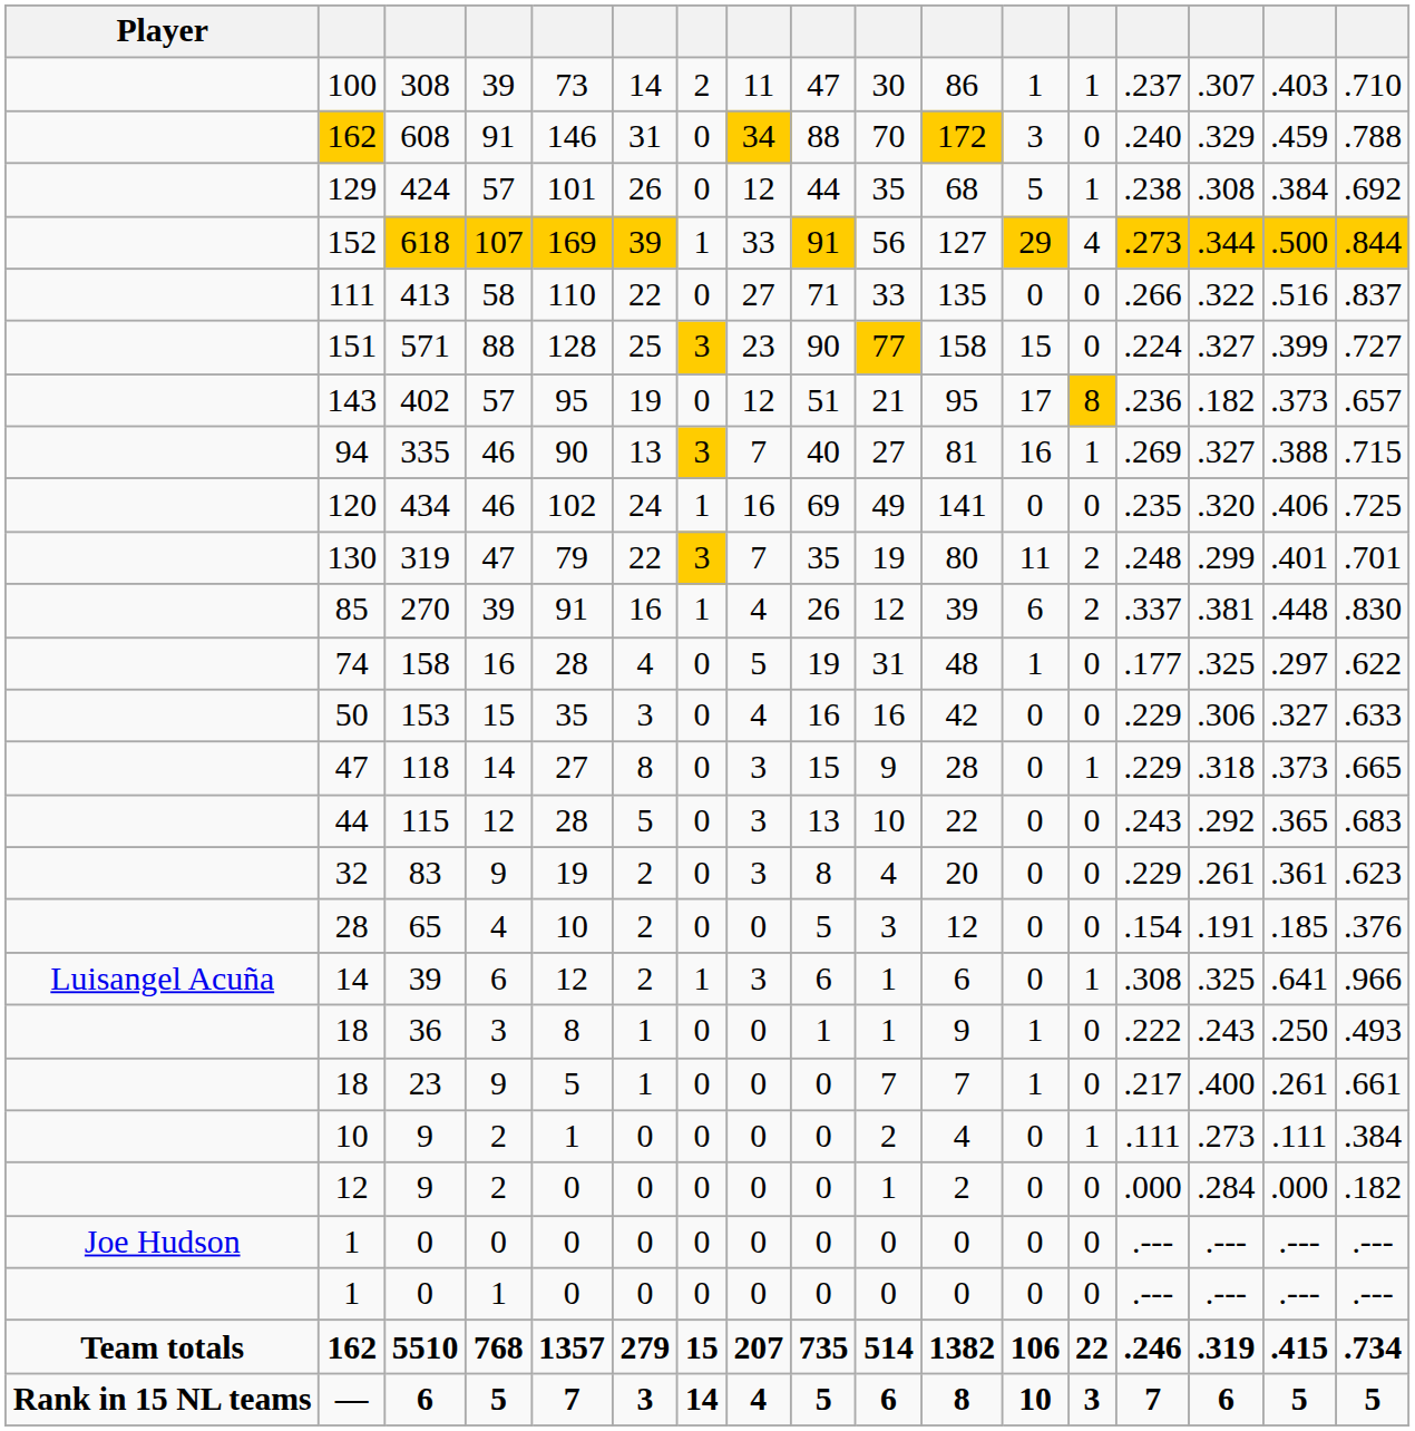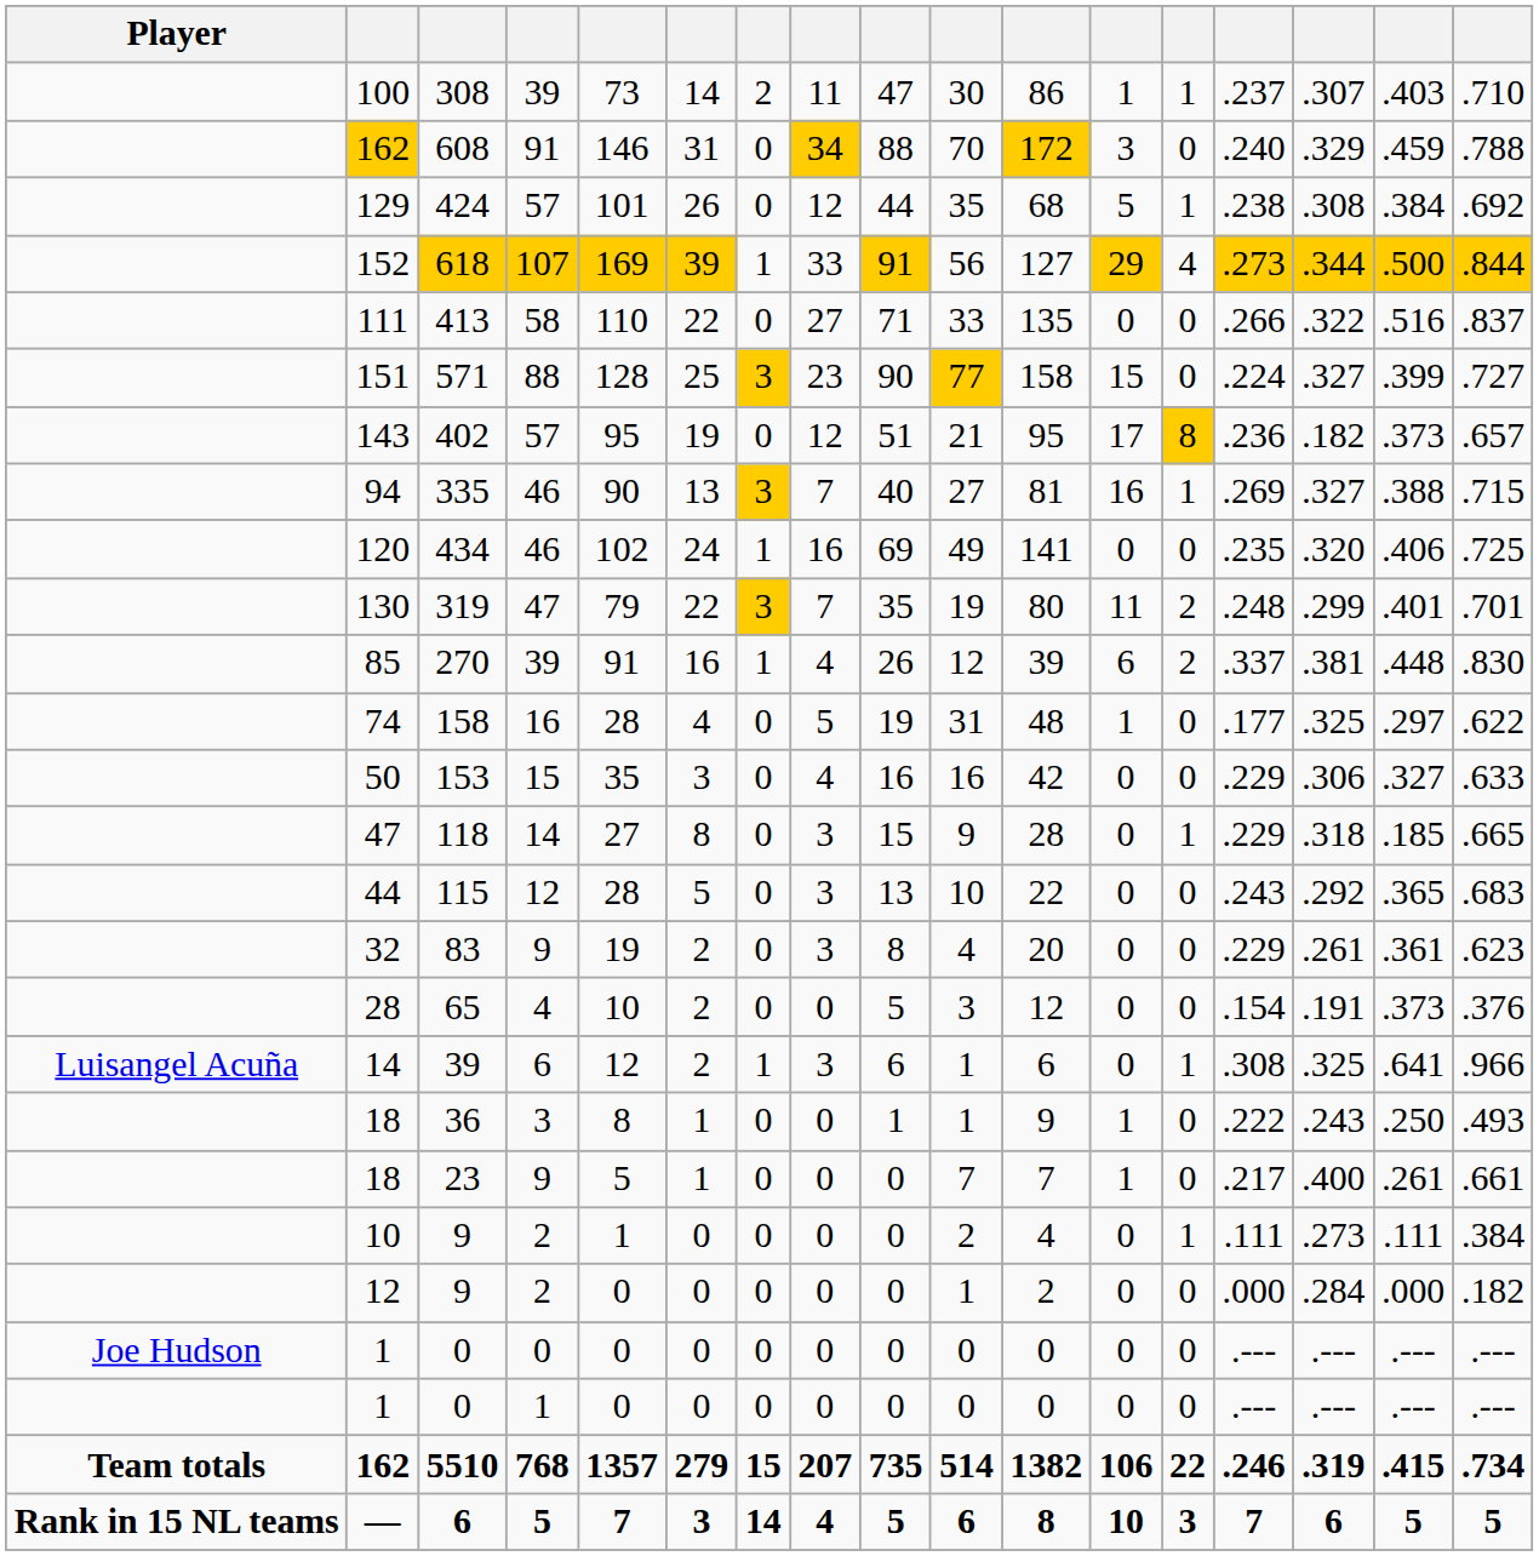 <table class="wikitable sortable">
 <tr>
 <th>Player</th>
 <th></th>
 <th></th>
 <th></th>
 <th></th>
 <th></th>
 <th></th>
 <th></th>
 <th></th>
 <th></th>
 <th></th>
 <th></th>
 <th></th>
 <th></th>
 <th></th>
 <th></th>
 <th></th>
 </tr>
 <tr align=center>
 <td></td>
 <td>100</td>
 <td>308</td>
 <td>39</td>
 <td>73</td>
 <td>14</td>
 <td>2</td>
 <td>11</td>
 <td>47</td>
 <td>30</td>
 <td>86</td>
 <td>1</td>
 <td>1</td>
 <td>.237</td>
 <td>.307</td>
 <td>.403</td>
 <td>.710</td>
 </tr>
 <tr align=center>
 <td></td>
 <td bgcolor=#ffcc00>162</td>
 <td>608</td>
 <td>91</td>
 <td>146</td>
 <td>31</td>
 <td>0</td>
 <td bgcolor=#ffcc00>34</td>
 <td>88</td>
 <td>70</td>
 <td bgcolor=#ffcc00>172</td>
 <td>3</td>
 <td>0</td>
 <td>.240</td>
 <td>.329</td>
 <td>.459</td>
 <td>.788</td>
 </tr>
 <tr align=center>
 <td></td>
 <td>129</td>
 <td>424</td>
 <td>57</td>
 <td>101</td>
 <td>26</td>
 <td>0</td>
 <td>12</td>
 <td>44</td>
 <td>35</td>
 <td>68</td>
 <td>5</td>
 <td>1</td>
 <td>.238</td>
 <td>.308</td>
 <td>.384</td>
 <td>.692</td>
 </tr>
 <tr align=center>
 <td></td>
 <td>152</td>
 <td bgcolor=#ffcc00>618</td>
 <td bgcolor=#ffcc00>107</td>
 <td bgcolor=#ffcc00>169</td>
 <td bgcolor=#ffcc00>39</td>
 <td>1</td>
 <td>33</td>
 <td bgcolor=#ffcc00>91</td>
 <td>56</td>
 <td>127</td>
 <td bgcolor=#ffcc00>29</td>
 <td>4</td>
 <td bgcolor=#ffcc00>.273</td>
 <td bgcolor=#ffcc00>.344</td>
 <td bgcolor=#ffcc00>.500</td>
 <td bgcolor=#ffcc00>.844</td>
 </tr>
 <tr align=center>
 <td></td>
 <td>111</td>
 <td>413</td>
 <td>58</td>
 <td>110</td>
 <td>22</td>
 <td>0</td>
 <td>27</td>
 <td>71</td>
 <td>33</td>
 <td>135</td>
 <td>0</td>
 <td>0</td>
 <td>.266</td>
 <td>.322</td>
 <td>.516</td>
 <td>.837</td>
 </tr>
 <tr align=center>
 <td></td>
 <td>151</td>
 <td>571</td>
 <td>88</td>
 <td>128</td>
 <td>25</td>
 <td bgcolor=#ffcc00>3</td>
 <td>23</td>
 <td>90</td>
 <td bgcolor=#ffcc00>77</td>
 <td>158</td>
 <td>15</td>
 <td>0</td>
 <td>.224</td>
 <td>.327</td>
 <td>.399</td>
 <td>.727</td>
 </tr>
 <tr align=center>
 <td></td>
 <td>143</td>
 <td>402</td>
 <td>57</td>
 <td>95</td>
 <td>19</td>
 <td>0</td>
 <td>12</td>
 <td>51</td>
 <td>21</td>
 <td>95</td>
 <td>17</td>
 <td bgcolor=#ffcc00>8</td>
 <td>.236</td>
 <td>.182</td>
 <td>.373</td>
 <td>.657</td>
 </tr>
 <tr align=center>
 <td></td>
 <td>94</td>
 <td>335</td>
 <td>46</td>
 <td>90</td>
 <td>13</td>
 <td bgcolor=#ffcc00>3</td>
 <td>7</td>
 <td>40</td>
 <td>27</td>
 <td>81</td>
 <td>16</td>
 <td>1</td>
 <td>.269</td>
 <td>.327</td>
 <td>.388</td>
 <td>.715</td>
 </tr>
 <tr align=center>
 <td></td>
 <td>120</td>
 <td>434</td>
 <td>46</td>
 <td>102</td>
 <td>24</td>
 <td>1</td>
 <td>16</td>
 <td>69</td>
 <td>49</td>
 <td>141</td>
 <td>0</td>
 <td>0</td>
 <td>.235</td>
 <td>.320</td>
 <td>.406</td>
 <td>.725</td>
 </tr>
 <tr align=center>
 <td></td>
 <td>130</td>
 <td>319</td>
 <td>47</td>
 <td>79</td>
 <td>22</td>
 <td bgcolor=#ffcc00>3</td>
 <td>7</td>
 <td>35</td>
 <td>19</td>
 <td>80</td>
 <td>11</td>
 <td>2</td>
 <td>.248</td>
 <td>.299</td>
 <td>.401</td>
 <td>.701</td>
 </tr>
 <tr align=center>
 <td></td>
 <td>85</td>
 <td>270</td>
 <td>39</td>
 <td>91</td>
 <td>16</td>
 <td>1</td>
 <td>4</td>
 <td>26</td>
 <td>12</td>
 <td>39</td>
 <td>6</td>
 <td>2</td>
 <td>.337</td>
 <td>.381</td>
 <td>.448</td>
 <td>.830</td>
 </tr>
 <tr align=center>
 <td></td>
 <td>74</td>
 <td>158</td>
 <td>16</td>
 <td>28</td>
 <td>4</td>
 <td>0</td>
 <td>5</td>
 <td>19</td>
 <td>31</td>
 <td>48</td>
 <td>1</td>
 <td>0</td>
 <td>.177</td>
 <td>.325</td>
 <td>.297</td>
 <td>.622</td>
 </tr>
 <tr align=center>
 <td></td>
 <td>50</td>
 <td>153</td>
 <td>15</td>
 <td>35</td>
 <td>3</td>
 <td>0</td>
 <td>4</td>
 <td>16</td>
 <td>16</td>
 <td>42</td>
 <td>0</td>
 <td>0</td>
 <td>.229</td>
 <td>.306</td>
 <td>.327</td>
 <td>.633</td>
 </tr>
 <tr align=center>
 <td></td>
 <td>47</td>
 <td>118</td>
 <td>14</td>
 <td>27</td>
 <td>8</td>
 <td>0</td>
 <td>3</td>
 <td>15</td>
 <td>9</td>
 <td>28</td>
 <td>0</td>
 <td>1</td>
 <td>.229</td>
 <td>.318</td>
-<td>.373</td>
+<td>.185</td>
 <td>.665</td>
 </tr>
 <tr align=center>
 <td></td>
 <td>44</td>
 <td>115</td>
 <td>12</td>
 <td>28</td>
 <td>5</td>
 <td>0</td>
 <td>3</td>
 <td>13</td>
 <td>10</td>
 <td>22</td>
 <td>0</td>
 <td>0</td>
 <td>.243</td>
 <td>.292</td>
 <td>.365</td>
 <td>.683</td>
 </tr>
 <tr align=center>
 <td></td>
 <td>32</td>
 <td>83</td>
 <td>9</td>
 <td>19</td>
 <td>2</td>
 <td>0</td>
 <td>3</td>
 <td>8</td>
 <td>4</td>
 <td>20</td>
 <td>0</td>
 <td>0</td>
 <td>.229</td>
 <td>.261</td>
 <td>.361</td>
 <td>.623</td>
 </tr>
 <tr align=center>
 <td></td>
 <td>28</td>
 <td>65</td>
 <td>4</td>
 <td>10</td>
 <td>2</td>
 <td>0</td>
 <td>0</td>
 <td>5</td>
 <td>3</td>
 <td>12</td>
 <td>0</td>
 <td>0</td>
 <td>.154</td>
 <td>.191</td>
-<td>.185</td>
+<td>.373</td>
 <td>.376</td>
 </tr>
 <tr align=center>
 <td><a href='#'>Luisangel Acuña</a></td>
 <td>14</td>
 <td>39</td>
 <td>6</td>
 <td>12</td>
 <td>2</td>
 <td>1</td>
 <td>3</td>
 <td>6</td>
 <td>1</td>
 <td>6</td>
 <td>0</td>
 <td>1</td>
 <td>.308</td>
 <td>.325</td>
 <td>.641</td>
 <td>.966</td>
 </tr>
 <tr align=center>
 <td></td>
 <td>18</td>
 <td>36</td>
 <td>3</td>
 <td>8</td>
 <td>1</td>
 <td>0</td>
 <td>0</td>
 <td>1</td>
 <td>1</td>
 <td>9</td>
 <td>1</td>
 <td>0</td>
 <td>.222</td>
 <td>.243</td>
 <td>.250</td>
 <td>.493</td>
 </tr>
 <tr align=center>
 <td></td>
 <td>18</td>
 <td>23</td>
 <td>9</td>
 <td>5</td>
 <td>1</td>
 <td>0</td>
 <td>0</td>
 <td>0</td>
 <td>7</td>
 <td>7</td>
 <td>1</td>
 <td>0</td>
 <td>.217</td>
 <td>.400</td>
 <td>.261</td>
 <td>.661</td>
 </tr>
 <tr align=center>
 <td></td>
 <td>10</td>
 <td>9</td>
 <td>2</td>
 <td>1</td>
 <td>0</td>
 <td>0</td>
 <td>0</td>
 <td>0</td>
 <td>2</td>
 <td>4</td>
 <td>0</td>
 <td>1</td>
 <td>.111</td>
 <td>.273</td>
 <td>.111</td>
 <td>.384</td>
 </tr>
 <tr align=center>
 <td></td>
 <td>12</td>
 <td>9</td>
 <td>2</td>
 <td>0</td>
 <td>0</td>
 <td>0</td>
 <td>0</td>
 <td>0</td>
 <td>1</td>
 <td>2</td>
 <td>0</td>
 <td>0</td>
 <td>.000</td>
 <td>.284</td>
 <td>.000</td>
 <td>.182</td>
 </tr>
 <tr align=center>
 <td><a href='#'>Joe Hudson</a></td>
 <td>1</td>
 <td>0</td>
 <td>0</td>
 <td>0</td>
 <td>0</td>
 <td>0</td>
 <td>0</td>
 <td>0</td>
 <td>0</td>
 <td>0</td>
 <td>0</td>
 <td>0</td>
 <td>.---</td>
 <td>.---</td>
 <td>.---</td>
 <td>.---</td>
 </tr>
 <tr align=center>
 <td></td>
 <td>1</td>
 <td>0</td>
 <td>1</td>
 <td>0</td>
 <td>0</td>
 <td>0</td>
 <td>0</td>
 <td>0</td>
 <td>0</td>
 <td>0</td>
 <td>0</td>
 <td>0</td>
 <td>.---</td>
 <td>.---</td>
 <td>.---</td>
 <td>.---</td>
 </tr>
 <tr align=center>
 <td><strong>Team totals</strong></td>
 <td><strong>162</strong></td>
 <td><strong>5510</strong></td>
 <td><strong>768</strong></td>
 <td><strong>1357</strong></td>
 <td><strong>279</strong></td>
 <td><strong>15</strong></td>
 <td><strong>207</strong></td>
 <td><strong>735</strong></td>
 <td><strong>514</strong></td>
 <td><strong>1382</strong></td>
 <td><strong>106</strong></td>
 <td><strong>22</strong></td>
 <td><strong>.246</strong></td>
 <td><strong>.319</strong></td>
 <td><strong>.415</strong></td>
 <td><strong>.734</strong></td>
 </tr>
 <tr align=center>
 <td><strong>Rank in 15 NL teams</strong></td>
 <td><strong>—</strong></td>
 <td><strong>6</strong></td>
 <td><strong>5</strong></td>
 <td><strong>7</strong></td>
 <td><strong>3</strong></td>
 <td><strong>14</strong></td>
 <td><strong>4</strong></td>
 <td><strong>5</strong></td>
 <td><strong>6</strong></td>
 <td><strong>8</strong></td>
 <td><strong>10</strong></td>
 <td><strong>3</strong></td>
 <td><strong>7</strong></td>
 <td><strong>6</strong></td>
 <td><strong>5</strong></td>
 <td><strong>5</strong></td>
 </tr>
 </table>
